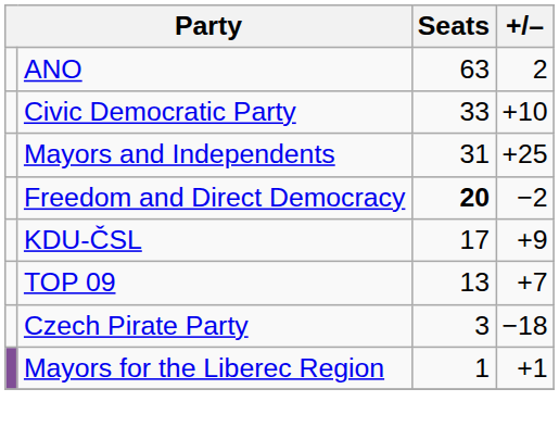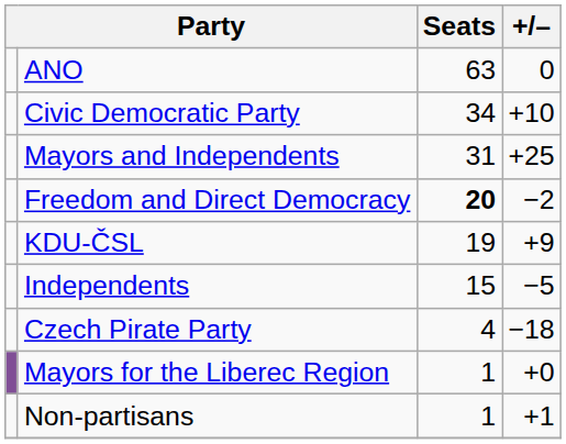 <table class=wikitable style=text-align:right>
 <tr>
 <th colspan=2>Party</th>
 <th>Seats</th>
 <th>+/–</th>
 </tr>
 <tr>
 <td></td>
 <td align=left><a href='#'>ANO</a></td>
 <td>63</td>
-<td>2</td>
+<td>0</td>
 </tr>
 <tr>
 <td></td>
 <td align=left><a href='#'>Civic Democratic Party</a></td>
-<td>33</td>
+<td>34</td>
 <td>+10</td>
 </tr>
 <tr>
 <td></td>
 <td align=left><a href='#'>Mayors and Independents</a></td>
 <td>31</td>
 <td>+25</td>
 </tr>
 <tr>
 <td></td>
 <td align=left><a href='#'>Freedom and Direct Democracy</a></td>
 <td><strong>20</strong></td>
 <td>−2</td>
 </tr>
 <tr>
 <td></td>
 <td align=left><a href='#'>KDU-ČSL</a></td>
-<td>17</td>
+<td>19</td>
 <td>+9</td>
 </tr>
 <tr>
 <td></td>
-<td align=left><a href='#'>TOP 09</a></td>
-<td>13</td>
-<td>+7</td>
+<td align=left><a href='#'>Independents</a></td>
+<td>15</td>
+<td>−5</td>
 </tr>
 <tr>
 <td></td>
 <td align=left><a href='#'>Czech Pirate Party</a></td>
-<td>3</td>
+<td>4</td>
 <td>−18</td>
 </tr>
 <tr>
 <td bgcolor="#804e96"></td>
 <td align=left><a href='#'>Mayors for the Liberec Region</a></td>
 <td>1</td>
+<td>+0</td>
+</tr>
+<tr>
+<td></td>
+<td align=left>Non-partisans</td>
+<td>1</td>
 <td>+1</td>
 </tr>
 <tr>
 </tr>
 </table>
